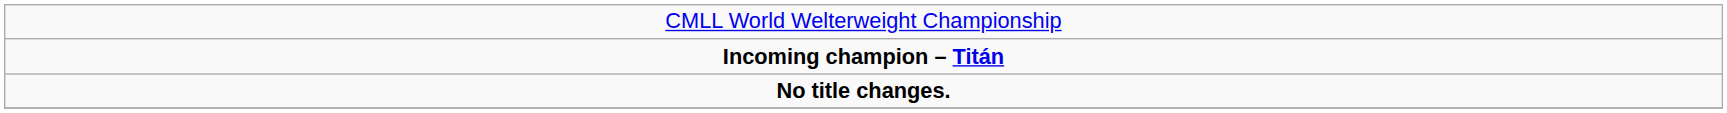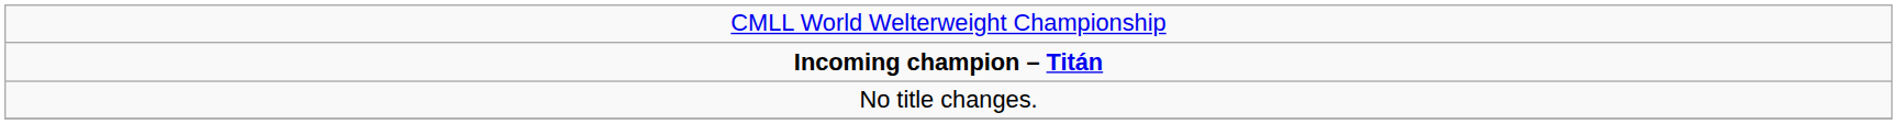 <table class="wikitable" style="text-align:center; width:100%;">
 <tr>
 <td colspan="4" style="text-align: center;"><a href='#'>CMLL World Welterweight Championship</a></td>
 </tr>
 <tr>
 <td colspan="4" style="text-align: center;"><strong>Incoming champion – <a href='#'>Titán</a></strong></td>
 </tr>
 <tr>
-<td><strong>No title changes.</strong></td>
+<td>No title changes.</td>
 </tr>
 <tr>
 </tr>
 </table>
